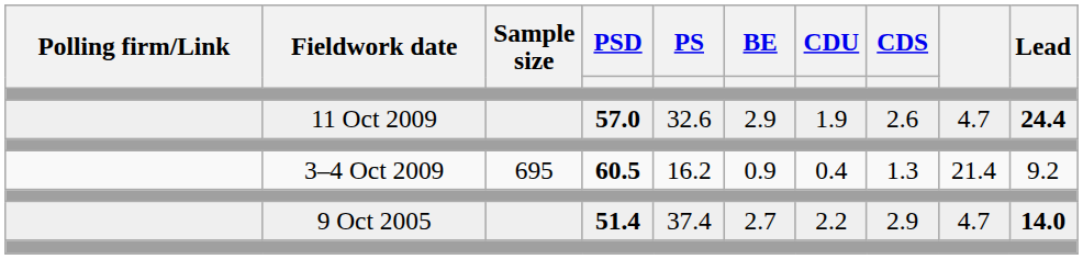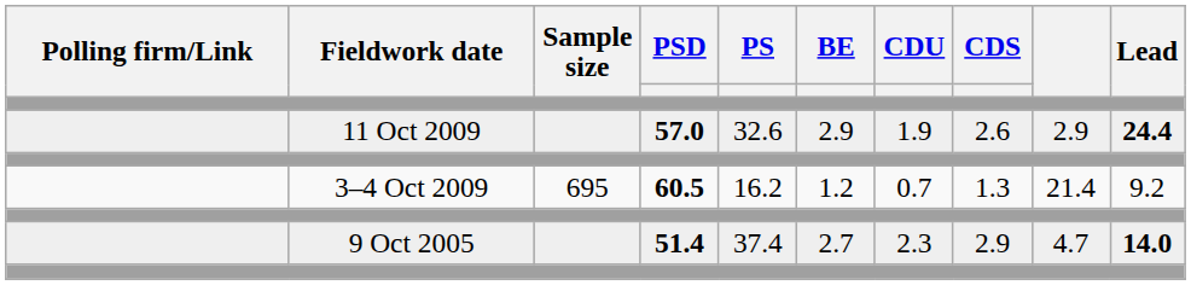 <table class="wikitable collapsible sortable" style="text-align:center; font-size:95%; line-height:16px;">
 <tr style="height:42px;">
 <th style="width:145px;" rowspan="2">Polling firm/Link</th>
 <th style="width:125px;" rowspan="2">Fieldwork date</th>
 <th class="unsortable" style="width:50px;" rowspan="2">Sample size</th>
 <th class="unsortable" style="width:35px;"><a href='#'>PSD</a></th>
 <th class="unsortable" style="width:35px;"><a href='#'>PS</a></th>
 <th class="unsortable" style="width:35px;"><a href='#'>BE</a></th>
 <th class="unsortable" style="width:35px;"><a href='#'>CDU</a></th>
 <th class="unsortable" style="width:35px;"><a href='#'>CDS</a></th>
 <th class="unsortable" style="width:35px;" rowspan="2"></th>
 <th class="unsortable" style="width:30px;" rowspan="2">Lead</th>
 </tr>
 <tr>
 <th class="unsortable" style="color:inherit;background:"></th>
 <th class="unsortable" style="color:inherit;background:"></th>
 <th class="unsortable" style="color:inherit;background:"></th>
 <th class="unsortable" style="color:inherit;background:"></th>
 <th class="unsortable" style="color:inherit;background:"></th>
 </tr>
 <tr>
 <td colspan="13" style="background:#A0A0A0"></td>
 </tr>
 <tr style="background:#EFEFEF;">
 <td><strong></strong></td>
 <td data-sort-value="2019-10-06">11 Oct 2009</td>
 <td></td>
 <td><strong>57.0</strong><br></td>
 <td>32.6<br></td>
 <td>2.9<br></td>
 <td>1.9<br></td>
 <td>2.6<br></td>
-<td>4.7</td>
+<td>2.9</td>
 <td style="background:"><strong>24.4</strong></td>
 </tr>
 <tr>
 <td colspan="13" style="background:#A0A0A0"></td>
 </tr>
 <tr>
 <td align="center"></td>
 <td align="center">3–4 Oct 2009</td>
 <td>695</td>
 <td align="center" ><strong>60.5</strong></td>
 <td align="center">16.2</td>
-<td align="center">0.9</td>
-<td align="center">0.4</td>
+<td align="center">1.2</td>
+<td align="center">0.7</td>
 <td align="center">1.3</td>
 <td align="center">21.4</td>
 <td style="background:">9.2</td>
 </tr>
 <tr>
 <td colspan="13" style="background:#A0A0A0"></td>
 </tr>
 <tr style="background:#EFEFEF;">
 <td><strong></strong></td>
 <td data-sort-value="2019-10-06">9 Oct 2005</td>
 <td></td>
 <td><strong>51.4</strong><br></td>
 <td>37.4<br></td>
 <td>2.7<br></td>
-<td>2.2<br></td>
+<td>2.3<br></td>
 <td>2.9<br></td>
 <td>4.7</td>
 <td style="background:"><strong>14.0</strong></td>
 </tr>
 <tr>
 <td colspan="13" style="background:#A0A0A0"></td>
 </tr>
 <tr>
 </tr>
 </table>
